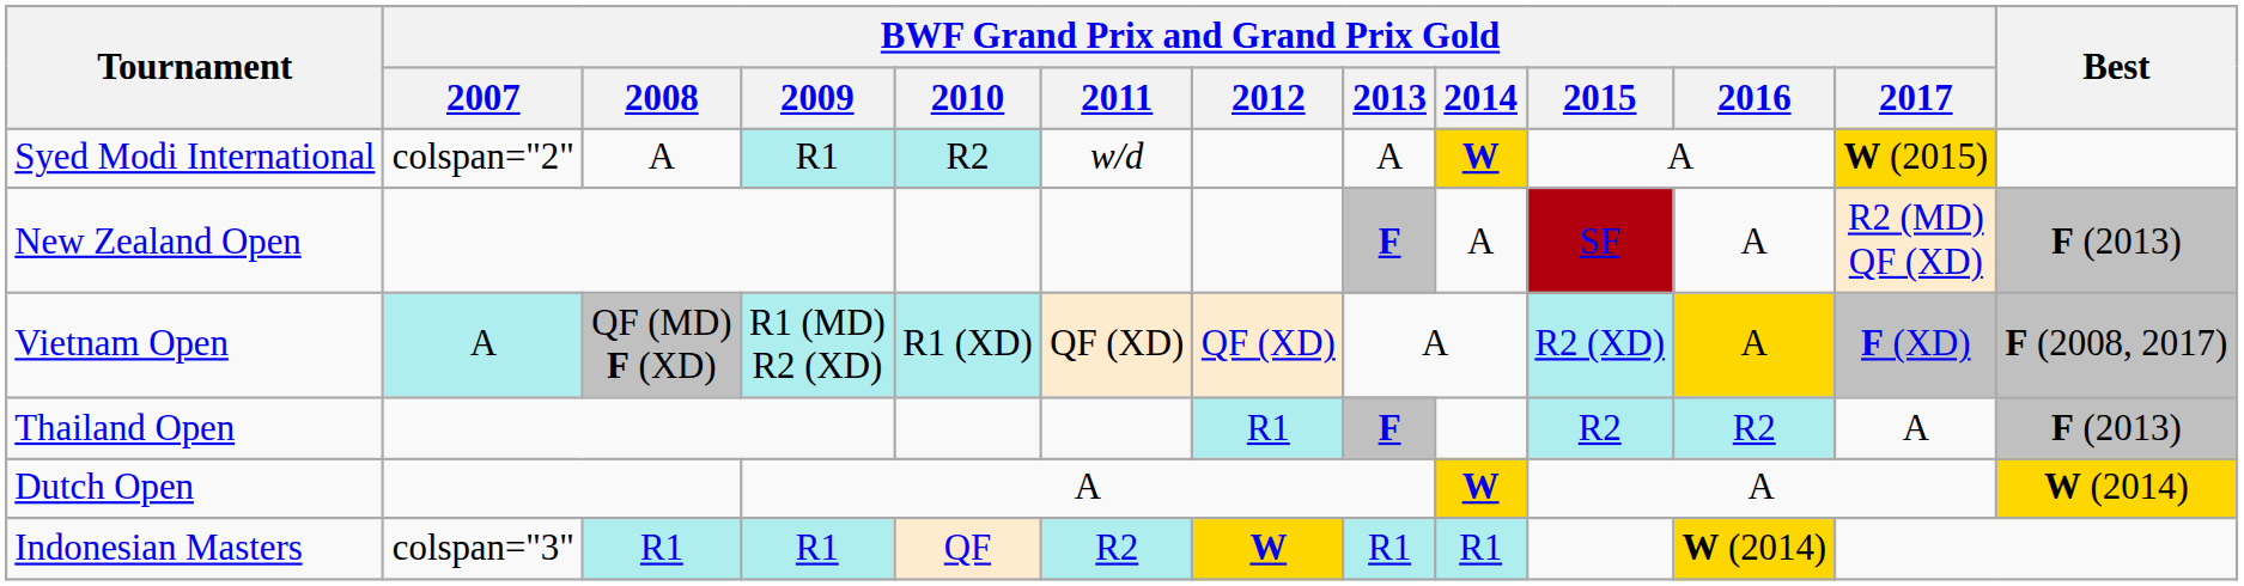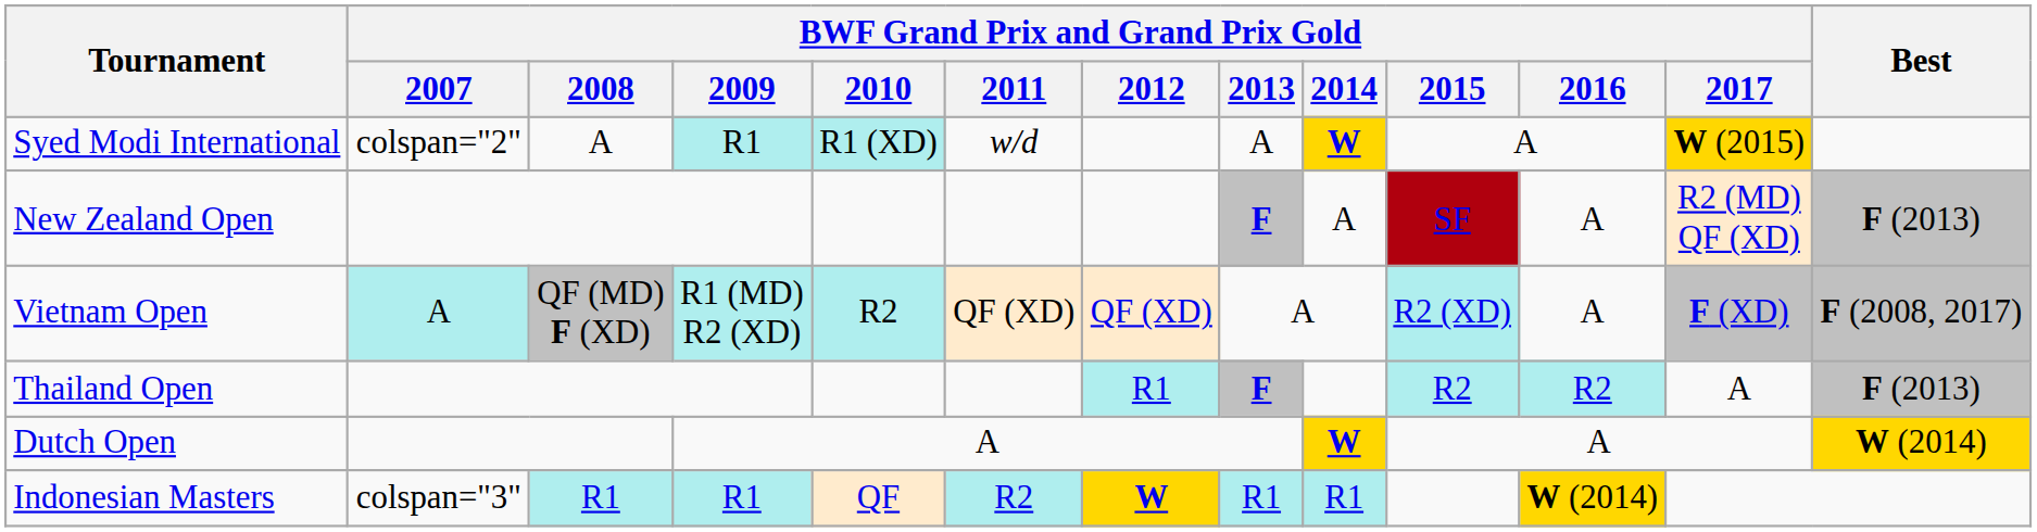 <table class="wikitable" style="font-size: 90%; text-align:center">
 <tr>
 <th rowspan="2">Tournament</th>
 <th colspan="11"><strong><a href='#'>BWF Grand Prix and Grand Prix Gold</a></strong></th>
 <th rowspan="2">Best</th>
 </tr>
 <tr>
 <th><a href='#'>2007</a></th>
 <th><a href='#'>2008</a></th>
 <th><a href='#'>2009</a></th>
 <th><a href='#'>2010</a></th>
 <th><a href='#'>2011</a></th>
 <th><a href='#'>2012</a></th>
 <th><a href='#'>2013</a></th>
 <th><a href='#'>2014</a></th>
 <th><a href='#'>2015</a></th>
 <th><a href='#'>2016</a></th>
 <th><a href='#'>2017</a></th>
 </tr>
 <tr>
 <td align=left><a href='#'>Syed Modi International</a></td>
 <td>colspan="2" </td>
 <td>A</td>
 <td bgcolor=AFEEEE>R1</td>
-<td bgcolor=AFEEEE>R2</td>
+<td bgcolor=AFEEEE>R1 (XD)</td>
 <td><em>w/d</em></td>
 <td></td>
 <td>A</td>
 <td bgcolor=Gold><a href='#'><strong>W</strong></a></td>
 <td colspan="2">A</td>
 <td bgcolor=Gold><strong>W</strong> (2015)</td>
 </tr>
 <tr>
 <td align=left><a href='#'>New Zealand Open</a></td>
 <td colspan="3"></td>
 <td></td>
 <td></td>
 <td></td>
 <td bgcolor=Silver><a href='#'><strong>F</strong></a></td>
 <td>A</td>
 <td bgcolor=Bronze><a href='#'>SF</a></td>
 <td>A</td>
 <td bgcolor=FFEBCD><a href='#'>R2 (MD)</a><br><a href='#'>QF (XD)</a></td>
 <td bgcolor=Silver><strong>F</strong> (2013)</td>
 </tr>
 <tr>
 <td align=left><a href='#'>Vietnam Open</a></td>
 <td style="background: paleturquoise;">A</td>
 <td bgcolor=Silver>QF (MD)<br> <strong>F</strong> (XD)</td>
 <td bgcolor=AFEEEE>R1 (MD)<br> R2 (XD)</td>
-<td bgcolor=AFEEEE>R1 (XD)</td>
+<td bgcolor=AFEEEE>R2</td>
 <td bgcolor=FFEBCD>QF (XD)</td>
 <td bgcolor=FFEBCD><a href='#'>QF (XD)</a></td>
 <td colspan="2">A</td>
 <td bgcolor=AFEEEE><a href='#'>R2 (XD)</a></td>
-<td style="background: gold;">A</td>
+<td>A</td>
 <td bgcolor=Silver><a href='#'><strong>F</strong> (XD)</a></td>
 <td bgcolor=Silver><strong>F</strong> (2008, 2017)</td>
 </tr>
 <tr>
 <td align=left><a href='#'>Thailand Open</a></td>
 <td colspan="3"></td>
 <td></td>
 <td></td>
 <td bgcolor=AFEEEE><a href='#'>R1</a></td>
 <td bgcolor=Silver><a href='#'><strong>F</strong></a></td>
 <td></td>
 <td bgcolor=AFEEEE><a href='#'>R2</a></td>
 <td bgcolor=AFEEEE><a href='#'>R2</a></td>
 <td>A</td>
 <td bgcolor=Silver><strong>F</strong> (2013)</td>
 </tr>
 <tr>
 <td align=left><a href='#'>Dutch Open</a></td>
 <td colspan="2"></td>
 <td colspan="5">A</td>
 <td bgcolor=gold><a href='#'><strong>W</strong></a></td>
 <td colspan="3">A</td>
 <td bgcolor=gold><strong>W</strong> (2014)</td>
 </tr>
 <tr>
 <td align=left><a href='#'>Indonesian Masters</a></td>
 <td>colspan="3" </td>
 <td bgcolor=AFEEEE><a href='#'>R1</a></td>
 <td bgcolor=AFEEEE><a href='#'>R1</a></td>
 <td bgcolor=FFEBCD><a href='#'>QF</a></td>
 <td bgcolor=AFEEEE><a href='#'>R2</a></td>
 <td bgcolor=gold><a href='#'><strong>W</strong></a></td>
 <td bgcolor=AFEEEE><a href='#'>R1</a></td>
 <td bgcolor=AFEEEE><a href='#'>R1</a></td>
 <td></td>
 <td bgcolor=gold><strong>W</strong> (2014)</td>
 </tr>
 </table>
